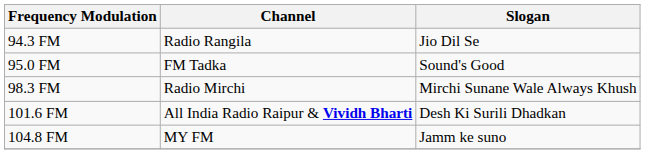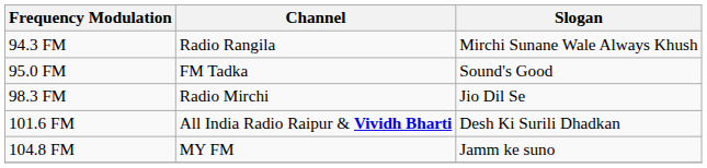 <table class="wikitable">
 <tr>
 <th>Frequency Modulation</th>
 <th>Channel</th>
 <th>Slogan</th>
 </tr>
 <tr>
 <td>94.3 FM</td>
 <td>Radio Rangila</td>
-<td>Jio Dil Se</td>
+<td>Mirchi Sunane Wale Always Khush</td>
 </tr>
 <tr>
 <td>95.0 FM</td>
 <td>FM Tadka</td>
 <td>Sound's Good</td>
 </tr>
 <tr>
 <td>98.3 FM</td>
 <td>Radio Mirchi</td>
-<td>Mirchi Sunane Wale Always Khush</td>
+<td>Jio Dil Se</td>
 </tr>
 <tr>
 <td>101.6 FM</td>
 <td>All India Radio Raipur  &  <strong><a href='#'>Vividh Bharti</a></strong></td>
 <td>Desh Ki Surili Dhadkan</td>
 </tr>
 <tr>
 <td>104.8 FM</td>
 <td>MY FM</td>
 <td>Jamm ke suno</td>
 </tr>
 <tr>
 </tr>
 </table>
